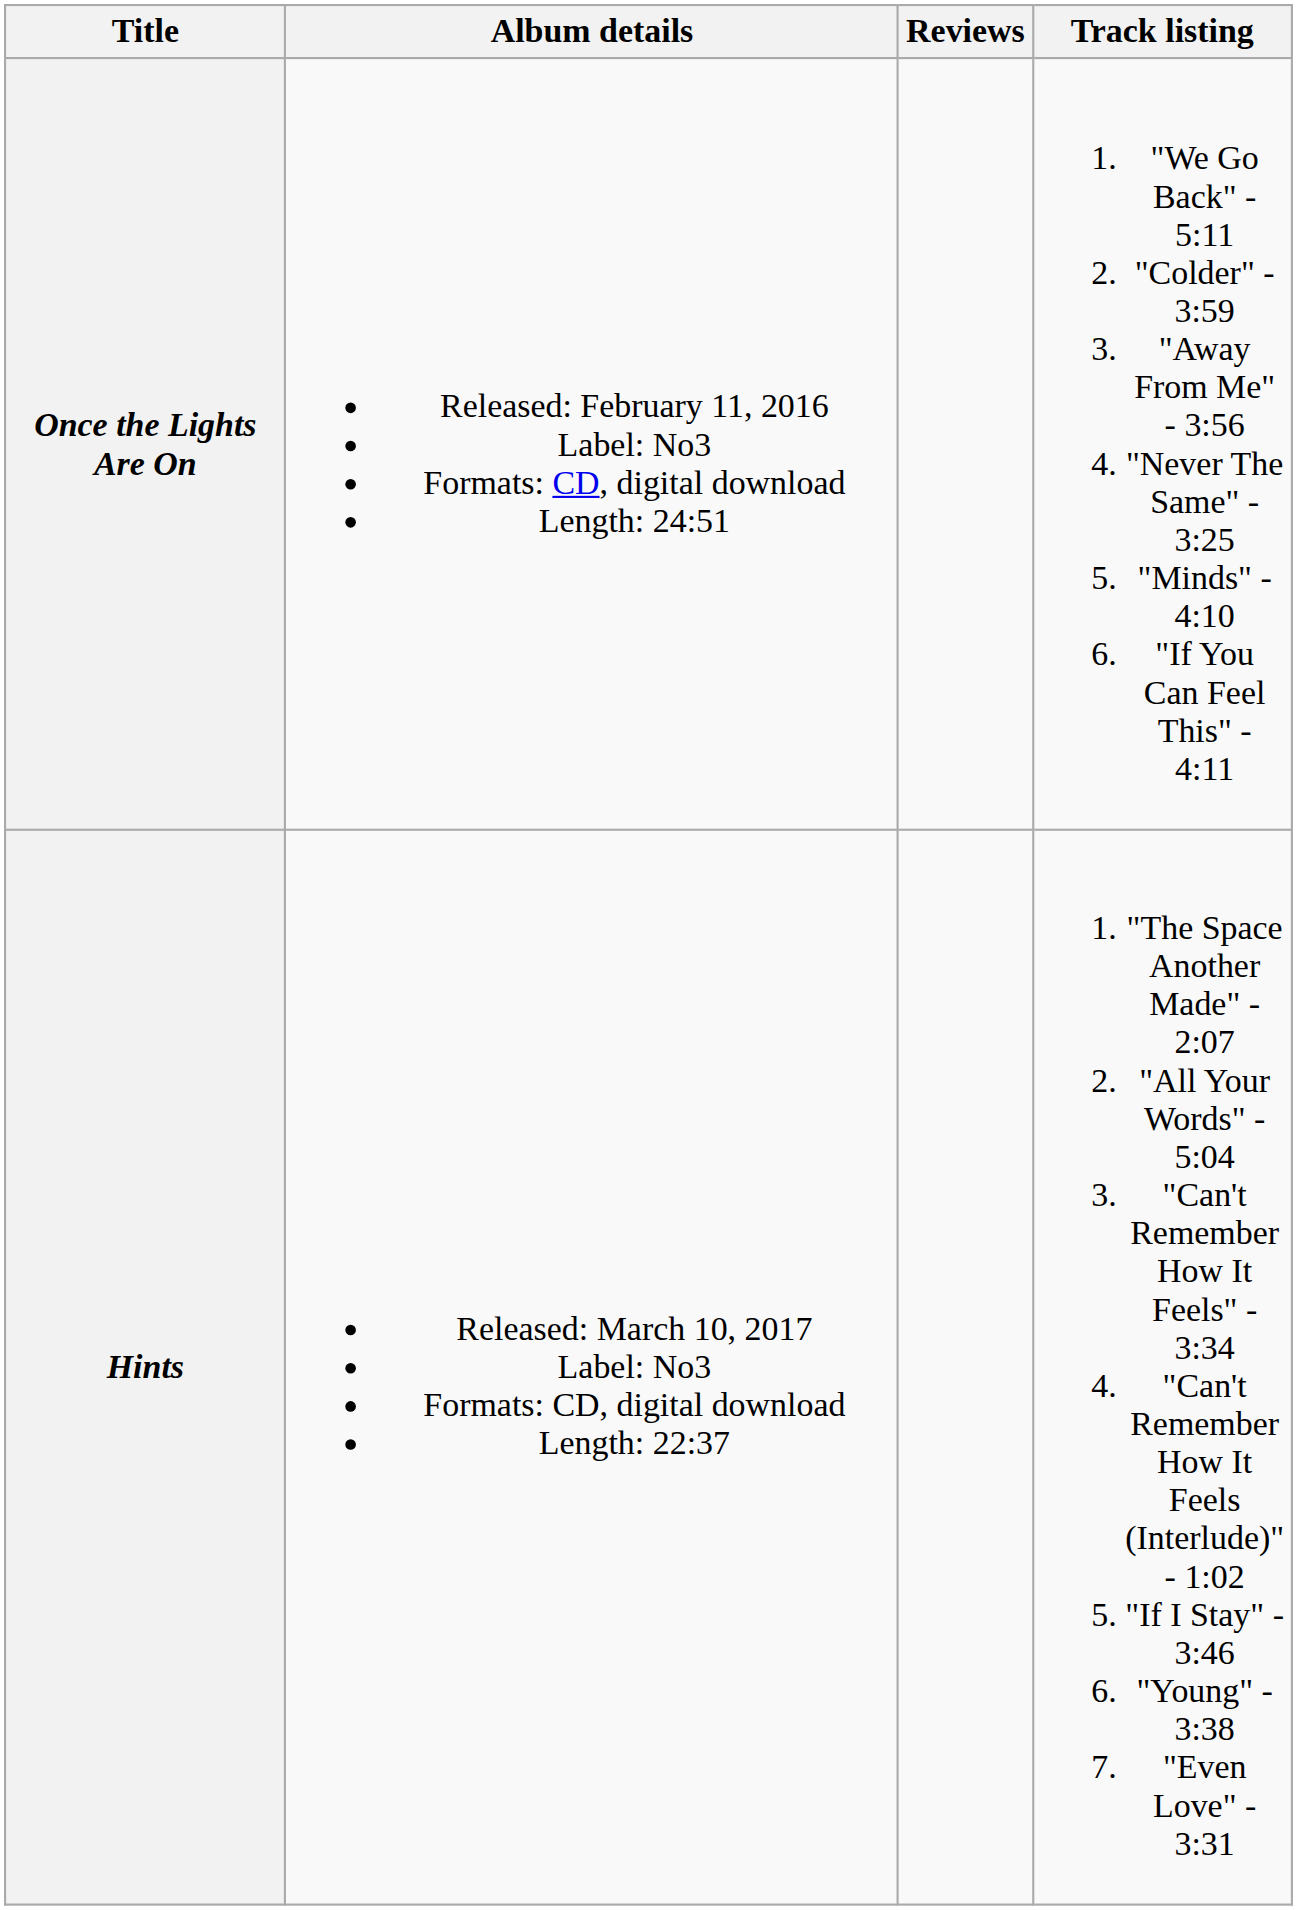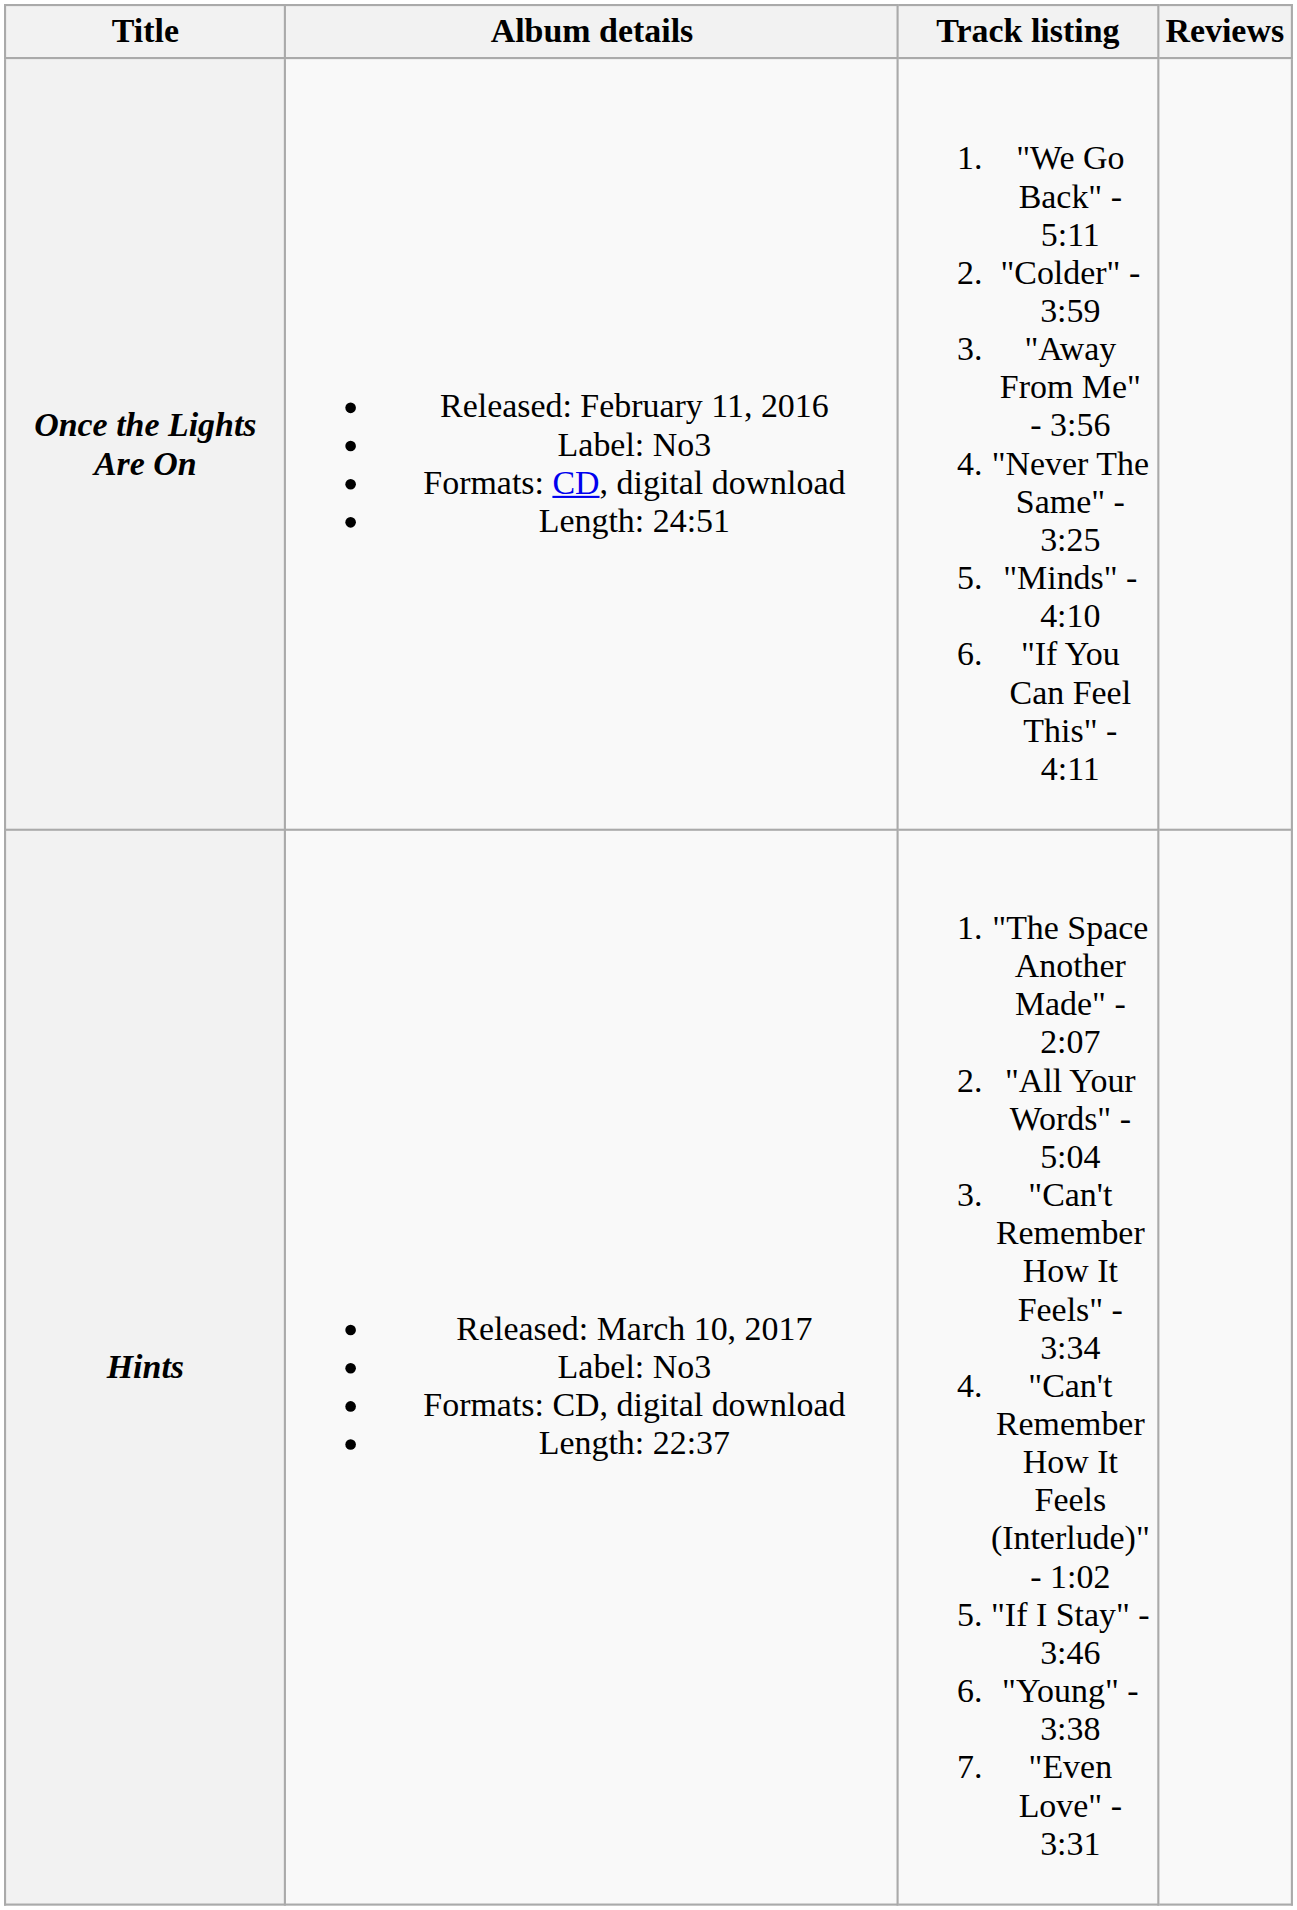 <table class="wikitable plainrowheaders" style="text-align:center;">
 <tr>
 <th scope="col" style="width:8em;">Title</th>
 <th scope="col" style="width:18em;">Album details</th>
+<th>Track listing</th>
 <th>Reviews</th>
-<th>Track listing</th>
 </tr>
 <tr>
 <th scope="row"><em>Once the Lights Are On</em></th>
 <td><br><ul><li>Released: February 11, 2016</li><li>Label: No3</li><li>Formats: <a href='#'>CD</a>, digital download</li><li>Length: 24:51</li></ul></td>
+<td><br><ol><li>"We Go Back" - 5:11</li><li>"Colder" - 3:59</li><li>"Away From Me" - 3:56</li><li>"Never The Same" - 3:25</li><li>"Minds" - 4:10</li><li>"If You Can Feel This" - 4:11</li></ol></td>
 <td><br></td>
-<td><br><ol><li>"We Go Back" - 5:11</li><li>"Colder" - 3:59</li><li>"Away From Me" - 3:56</li><li>"Never The Same" - 3:25</li><li>"Minds" - 4:10</li><li>"If You Can Feel This" - 4:11</li></ol></td>
 </tr>
 <tr>
 <th scope="row"><em>Hints</em></th>
 <td><br><ul><li>Released: March 10, 2017</li><li>Label: No3</li><li>Formats: CD, digital download</li><li>Length: 22:37</li></ul></td>
+<td><br><ol><li>"The Space Another Made" - 2:07</li><li>"All Your Words" - 5:04</li><li>"Can't Remember How It Feels" - 3:34</li><li>"Can't Remember How It Feels (Interlude)" - 1:02</li><li>"If I Stay" - 3:46</li><li>"Young" - 3:38</li><li>"Even Love" - 3:31</li></ol></td>
 <td><br></td>
-<td><br><ol><li>"The Space Another Made" - 2:07</li><li>"All Your Words" - 5:04</li><li>"Can't Remember How It Feels" - 3:34</li><li>"Can't Remember How It Feels (Interlude)" - 1:02</li><li>"If I Stay" - 3:46</li><li>"Young" - 3:38</li><li>"Even Love" - 3:31</li></ol></td>
 </tr>
 </table>
